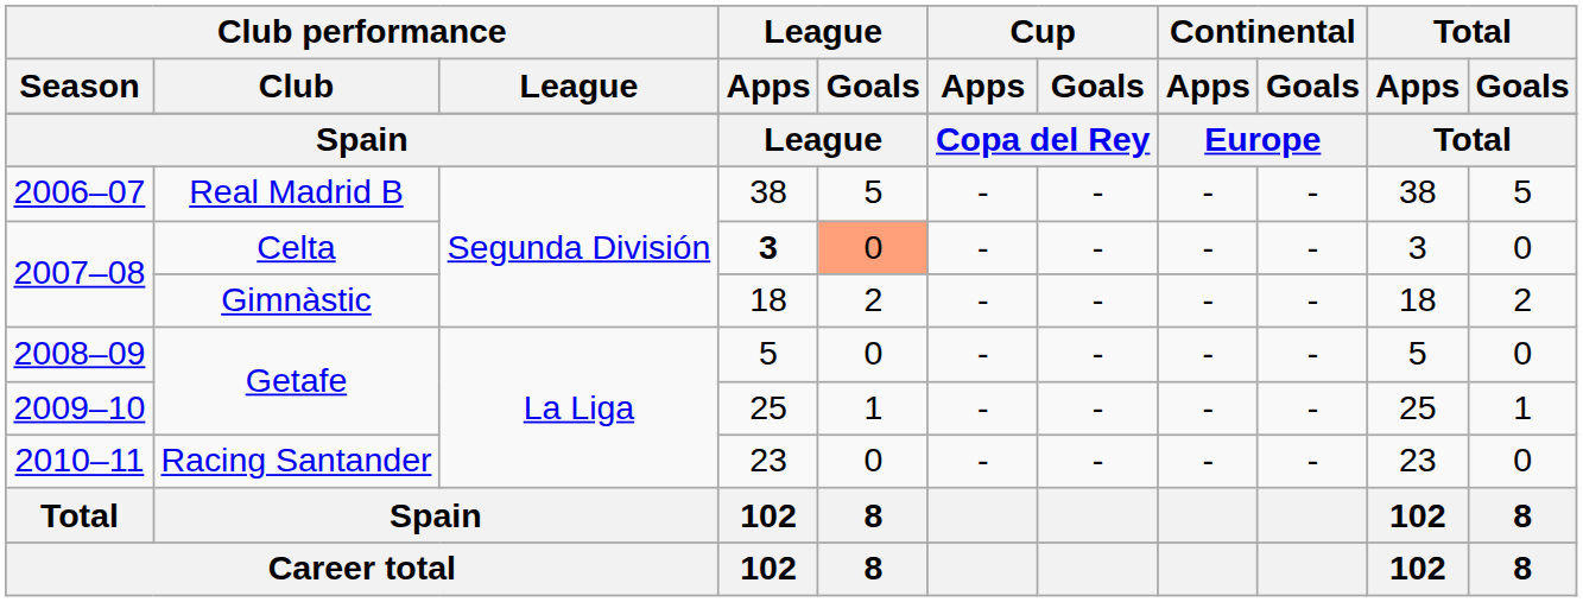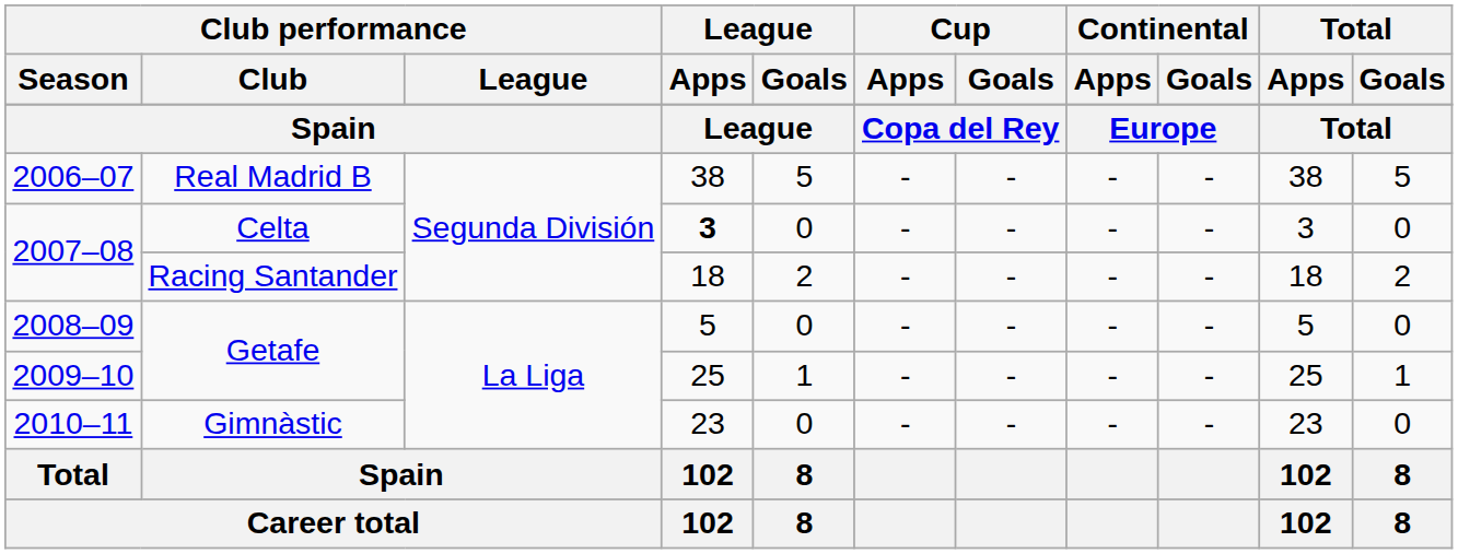 <table class="wikitable" style="text-align:center">
 <tr>
 <th colspan=3>Club performance</th>
 <th colspan=2>League</th>
 <th colspan=2>Cup</th>
 <th colspan=2>Continental</th>
 <th colspan=2>Total</th>
 </tr>
 <tr>
 <th>Season</th>
 <th>Club</th>
 <th>League</th>
 <th>Apps</th>
 <th>Goals</th>
 <th>Apps</th>
 <th>Goals</th>
 <th>Apps</th>
 <th>Goals</th>
 <th>Apps</th>
 <th>Goals</th>
 </tr>
 <tr>
 </tr>
 <tr>
 <th colspan=3>Spain</th>
 <th colspan=2>League</th>
 <th colspan=2><a href='#'>Copa del Rey</a></th>
 <th colspan=2><a href='#'>Europe</a></th>
 <th colspan=2>Total</th>
 </tr>
 <tr>
 <td><a href='#'>2006–07</a></td>
 <td><a href='#'>Real Madrid B</a></td>
 <td rowspan=3><a href='#'>Segunda División</a></td>
 <td>38</td>
 <td>5</td>
 <td>-</td>
 <td>-</td>
 <td>-</td>
 <td>-</td>
 <td>38</td>
 <td>5</td>
 </tr>
 <tr>
 <td rowspan=2><a href='#'>2007–08</a></td>
 <td><a href='#'>Celta</a></td>
 <td><strong>3</strong></td>
-<td style="background: lightsalmon;">0</td>
+<td>0</td>
 <td>-</td>
 <td>-</td>
 <td>-</td>
 <td>-</td>
 <td>3</td>
 <td>0</td>
 </tr>
 <tr>
-<td><a href='#'>Gimnàstic</a></td>
+<td><a href='#'>Racing Santander</a></td>
 <td>18</td>
 <td>2</td>
 <td>-</td>
 <td>-</td>
 <td>-</td>
 <td>-</td>
 <td>18</td>
 <td>2</td>
 </tr>
 <tr>
 <td><a href='#'>2008–09</a></td>
 <td rowspan=2><a href='#'>Getafe</a></td>
 <td rowspan=3><a href='#'>La Liga</a></td>
 <td>5</td>
 <td>0</td>
 <td>-</td>
 <td>-</td>
 <td>-</td>
 <td>-</td>
 <td>5</td>
 <td>0</td>
 </tr>
 <tr>
 <td><a href='#'>2009–10</a></td>
 <td>25</td>
 <td>1</td>
 <td>-</td>
 <td>-</td>
 <td>-</td>
 <td>-</td>
 <td>25</td>
 <td>1</td>
 </tr>
 <tr>
 <td><a href='#'>2010–11</a></td>
-<td><a href='#'>Racing Santander</a></td>
+<td><a href='#'>Gimnàstic</a></td>
 <td>23</td>
 <td>0</td>
 <td>-</td>
 <td>-</td>
 <td>-</td>
 <td>-</td>
 <td>23</td>
 <td>0</td>
 </tr>
 <tr>
 <th rowspan=1>Total</th>
 <th colspan=2>Spain</th>
 <th>102</th>
 <th>8</th>
 <th></th>
 <th></th>
 <th></th>
 <th></th>
 <th>102</th>
 <th>8</th>
 </tr>
 <tr>
 <th colspan=3>Career total</th>
 <th>102</th>
 <th>8</th>
 <th></th>
 <th></th>
 <th></th>
 <th></th>
 <th>102</th>
 <th>8</th>
 </tr>
 </table>
